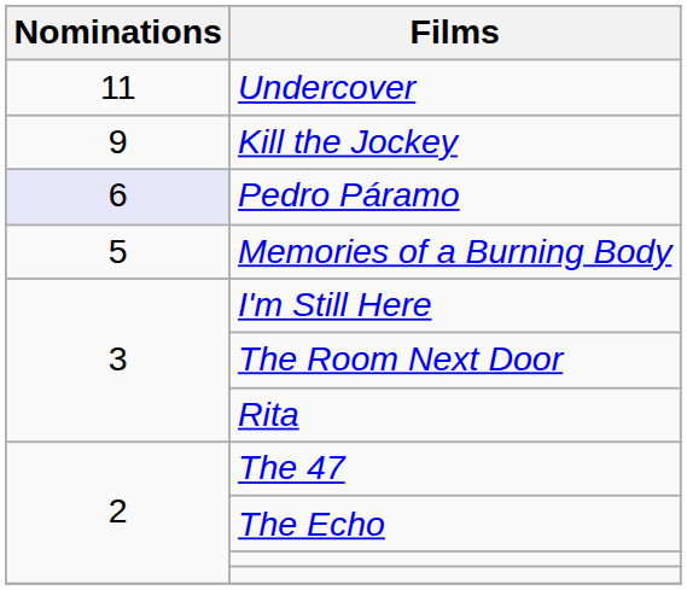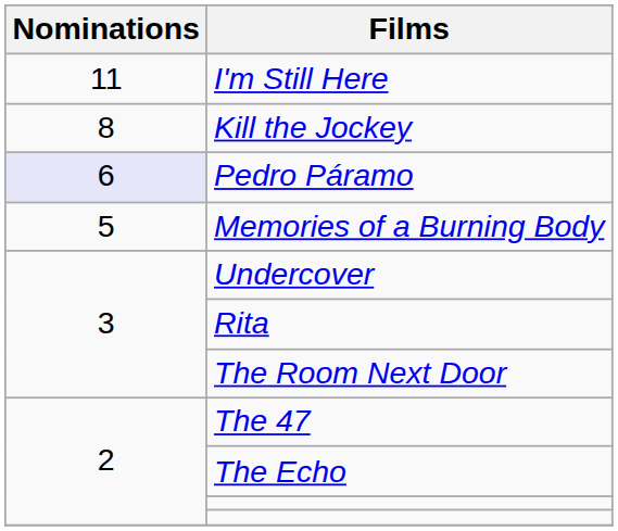 <table class="wikitable">
 <tr>
 <th>Nominations</th>
 <th>Films</th>
 </tr>
 <tr>
 <td align="center">11</td>
-<td><em><a href='#'>Undercover</a></em></td>
+<td><em><a href='#'>I'm Still Here</a></em></td>
 </tr>
 <tr>
-<td align="center">9</td>
+<td align="center">8</td>
 <td><em><a href='#'>Kill the Jockey</a></em></td>
 </tr>
 <tr>
 <td align="center" style="background: lavender;">6</td>
 <td><em><a href='#'>Pedro Páramo</a></em></td>
 </tr>
 <tr>
 <td align="center">5</td>
 <td><em><a href='#'>Memories of a Burning Body</a></em></td>
 </tr>
 <tr>
 <td style="text-align:center" rowspan="3">3</td>
-<td><em><a href='#'>I'm Still Here</a></em></td>
+<td><em><a href='#'>Undercover</a></em></td>
+</tr>
+<tr>
+<td><em><a href='#'>Rita</a></em></td>
 </tr>
 <tr>
 <td><em><a href='#'>The Room Next Door</a></em></td>
-</tr>
-<tr>
-<td><em><a href='#'>Rita</a></em></td>
 </tr>
 <tr>
 <td align="center" rowspan="4">2</td>
 <td><em><a href='#'>The 47</a></em></td>
 </tr>
 <tr>
 <td><em><a href='#'>The Echo</a></em></td>
 </tr>
 <tr>
 <td><em></em></td>
 </tr>
 <tr>
 <td><em></em></td>
 </tr>
 <tr>
 </tr>
 </table>
